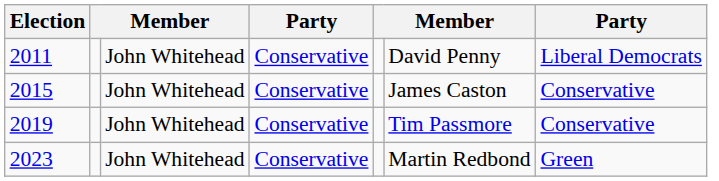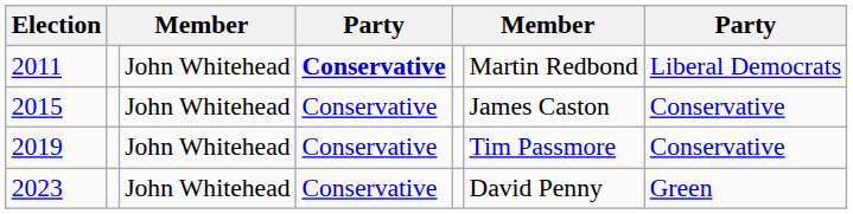 <table class="wikitable">
 <tr>
 <th>Election</th>
 <th colspan="2">Member</th>
 <th>Party</th>
 <th colspan="2">Member</th>
 <th>Party</th>
 </tr>
 <tr>
 <td><a href='#'>2011</a></td>
 <td style="background-color: "></td>
 <td>John Whitehead</td>
-<td><a href='#'>Conservative</a></td>
+<td><strong><a href='#'>Conservative</a></strong></td>
 <td style="background-color: "></td>
-<td>David Penny</td>
+<td>Martin Redbond</td>
 <td><a href='#'>Liberal Democrats</a></td>
 </tr>
 <tr>
 <td><a href='#'>2015</a></td>
 <td style="background-color: "></td>
 <td>John Whitehead</td>
 <td><a href='#'>Conservative</a></td>
 <td style="background-color: "></td>
 <td>James Caston</td>
 <td><a href='#'>Conservative</a></td>
 </tr>
 <tr>
 <td><a href='#'>2019</a></td>
 <td style="background-color: "></td>
 <td>John Whitehead</td>
 <td><a href='#'>Conservative</a></td>
 <td style="background-color: "></td>
 <td><a href='#'>Tim Passmore</a></td>
 <td><a href='#'>Conservative</a></td>
 </tr>
 <tr>
 <td><a href='#'>2023</a></td>
 <td style="background-color: "></td>
 <td>John Whitehead</td>
 <td><a href='#'>Conservative</a></td>
 <td style="background-color: "></td>
-<td>Martin Redbond</td>
+<td>David Penny</td>
 <td><a href='#'>Green</a></td>
 </tr>
 </table>
